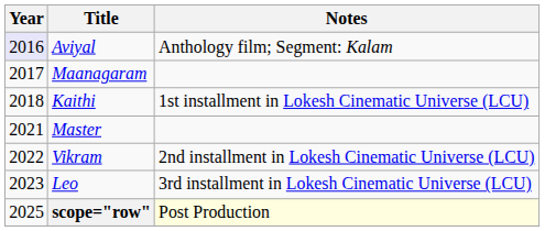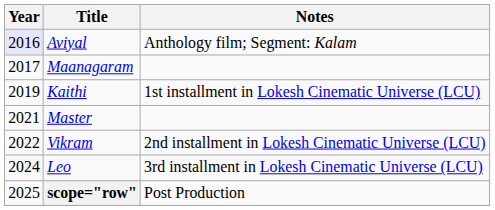 <table class="wikitable plainrowheaders sortable">
 <tr>
 <th scope="col">Year</th>
 <th scope="col">Title</th>
 <th class="unsortable" scope="col">Notes</th>
 </tr>
 <tr>
 <td style="background: lavender;">2016</td>
 <td><em><a href='#'>Aviyal</a></em></td>
 <td>Anthology film; Segment: <em>Kalam</em></td>
 </tr>
 <tr>
 <td>2017</td>
 <td><em><a href='#'>Maanagaram</a></em></td>
 <td></td>
 </tr>
 <tr>
-<td>2018</td>
+<td>2019</td>
 <td><em><a href='#'>Kaithi</a></em></td>
 <td>1st installment in <a href='#'>Lokesh Cinematic Universe (LCU)</a></td>
 </tr>
 <tr>
 <td>2021</td>
 <td><em><a href='#'>Master</a></em></td>
 <td></td>
 </tr>
 <tr>
 <td>2022</td>
 <td><em><a href='#'>Vikram</a></em></td>
 <td>2nd installment in <a href='#'>Lokesh Cinematic Universe (LCU)</a></td>
 </tr>
 <tr>
-<td>2023</td>
+<td>2024</td>
 <td><em><a href='#'>Leo</a></em></td>
 <td>3rd installment in <a href='#'>Lokesh Cinematic Universe (LCU)</a></td>
 </tr>
 <tr>
 <td>2025</td>
 <th>scope="row" </th>
-<td style="background: lightyellow;">Post Production</td>
+<td>Post Production</td>
 </tr>
 <tr>
 </tr>
 </table>
